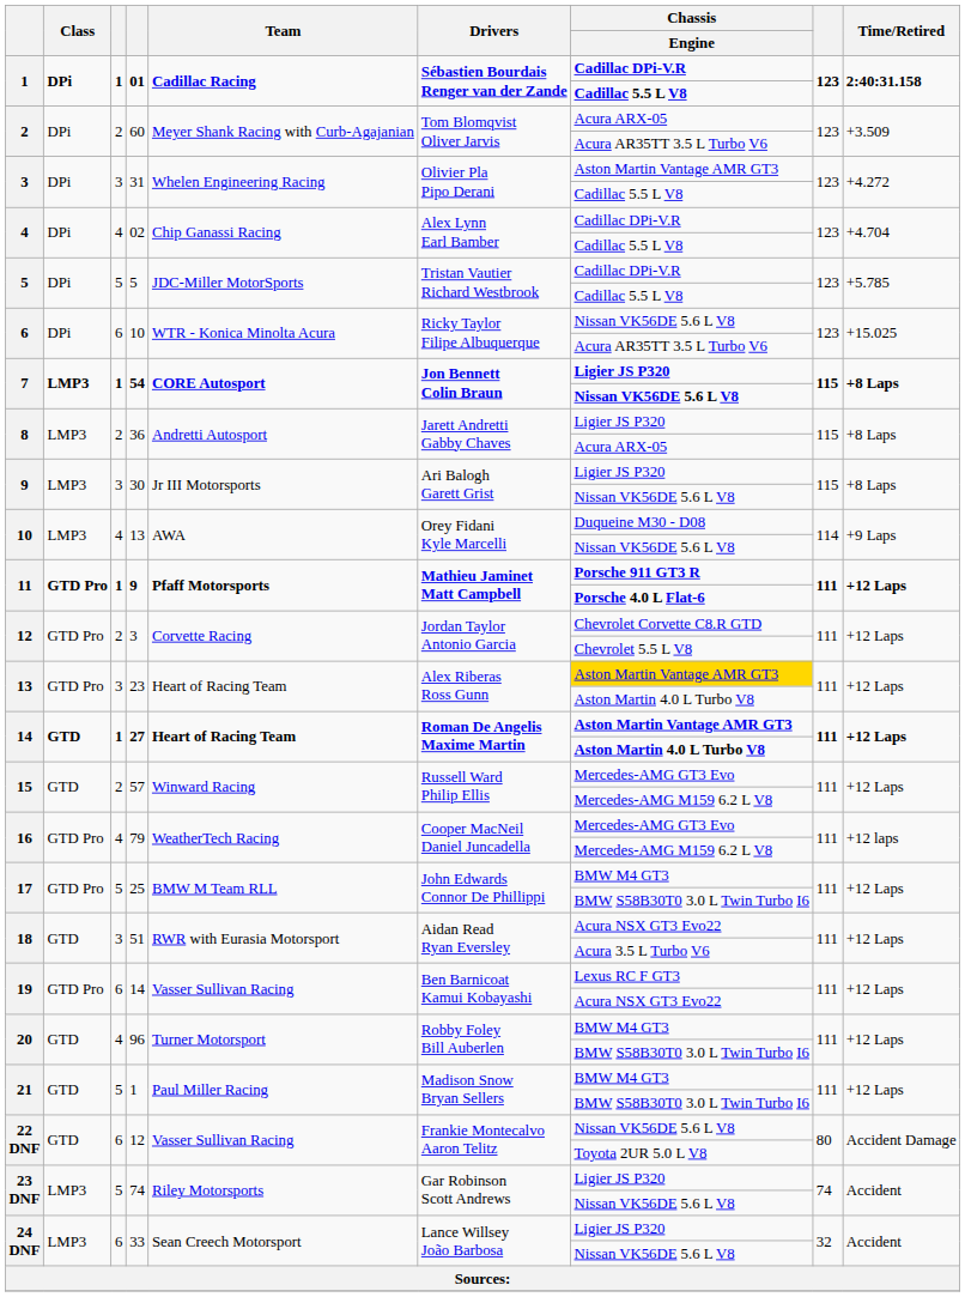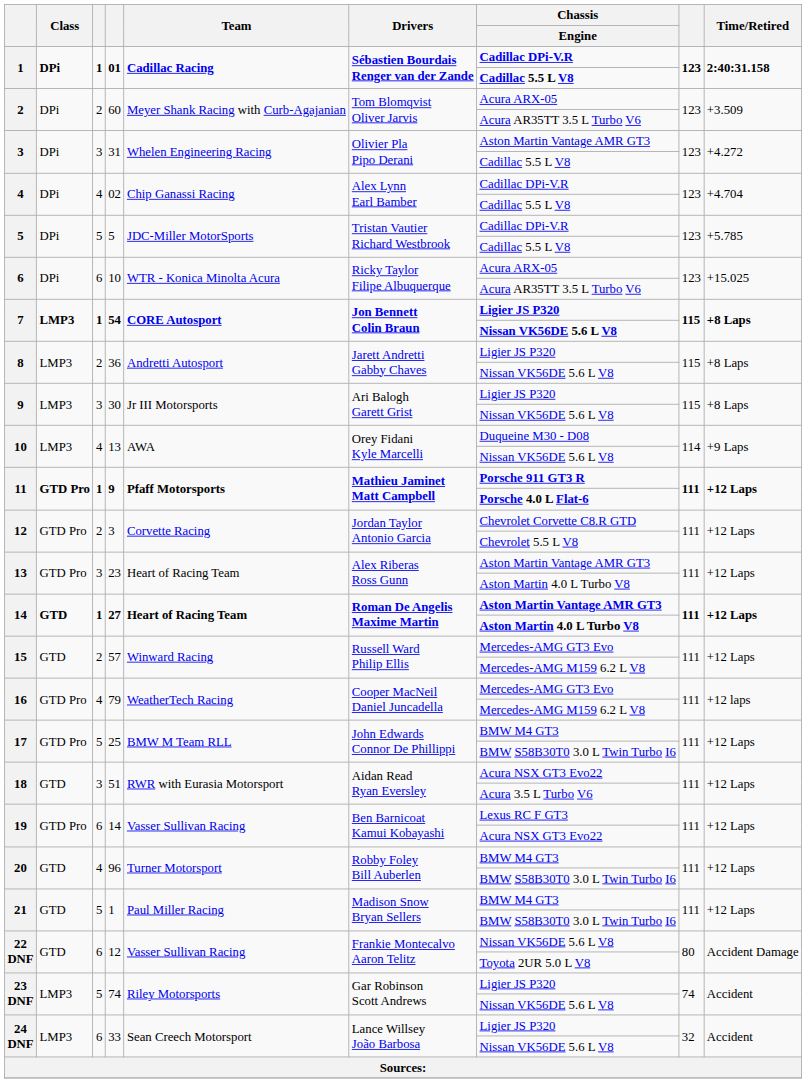 <table class="wikitable" style="font-size: 95%;">
 <tr>
 <th rowspan=2></th>
 <th rowspan=2>Class</th>
 <th rowspan=2></th>
 <th rowspan=2></th>
 <th rowspan=2>Team</th>
 <th rowspan=2>Drivers</th>
 <th>Chassis</th>
 <th rowspan=2></th>
 <th rowspan=2>Time/Retired</th>
 </tr>
 <tr>
 <th>Engine</th>
 </tr>
 <tr style="font-weight:bold">
 <th rowspan=2>1</th>
 <td rowspan=2>DPi</td>
 <td rowspan=2>1</td>
 <td rowspan=2>01</td>
 <td rowspan=2> <a href='#'>Cadillac Racing</a></td>
 <td rowspan=2> <a href='#'>Sébastien Bourdais</a><br> <a href='#'>Renger van der Zande</a></td>
 <td><a href='#'>Cadillac DPi-V.R</a></td>
 <td rowspan=2>123</td>
 <td rowspan=2>2:40:31.158</td>
 </tr>
 <tr style="font-weight:bold">
 <td><a href='#'>Cadillac</a> 5.5 L <a href='#'>V8</a></td>
 </tr>
 <tr>
 <th rowspan=2>2</th>
 <td rowspan=2>DPi</td>
 <td rowspan=2>2</td>
 <td rowspan=2>60</td>
 <td rowspan=2> <a href='#'>Meyer Shank Racing</a> with <a href='#'>Curb-Agajanian</a></td>
 <td rowspan=2> <a href='#'>Tom Blomqvist</a><br> <a href='#'>Oliver Jarvis</a></td>
 <td><a href='#'>Acura ARX-05</a></td>
 <td rowspan=2>123</td>
 <td rowspan=2>+3.509</td>
 </tr>
 <tr>
 <td><a href='#'>Acura</a> AR35TT 3.5 L <a href='#'>Turbo</a> <a href='#'>V6</a></td>
 </tr>
 <tr>
 <th rowspan=2>3</th>
 <td rowspan=2>DPi</td>
 <td rowspan=2>3</td>
 <td rowspan=2>31</td>
 <td rowspan=2> <a href='#'>Whelen Engineering Racing</a></td>
 <td rowspan=2> <a href='#'>Olivier Pla</a><br> <a href='#'>Pipo Derani</a></td>
 <td><a href='#'>Aston Martin Vantage AMR GT3</a></td>
 <td rowspan=2>123</td>
 <td rowspan=2>+4.272</td>
 </tr>
 <tr>
 <td><a href='#'>Cadillac</a> 5.5 L <a href='#'>V8</a></td>
 </tr>
 <tr>
 <th rowspan=2>4</th>
 <td rowspan=2>DPi</td>
 <td rowspan=2>4</td>
 <td rowspan=2>02</td>
 <td rowspan=2> <a href='#'>Chip Ganassi Racing</a></td>
 <td rowspan=2> <a href='#'>Alex Lynn</a><br> <a href='#'>Earl Bamber</a></td>
 <td><a href='#'>Cadillac DPi-V.R</a></td>
 <td rowspan=2>123</td>
 <td rowspan=2>+4.704</td>
 </tr>
 <tr>
 <td><a href='#'>Cadillac</a> 5.5 L <a href='#'>V8</a></td>
 </tr>
 <tr>
 <th rowspan=2>5</th>
 <td rowspan=2>DPi</td>
 <td rowspan=2>5</td>
 <td rowspan=2>5</td>
 <td rowspan=2> <a href='#'>JDC-Miller MotorSports</a></td>
 <td rowspan=2> <a href='#'>Tristan Vautier</a><br> <a href='#'>Richard Westbrook</a></td>
 <td><a href='#'>Cadillac DPi-V.R</a></td>
 <td rowspan=2>123</td>
 <td rowspan=2>+5.785</td>
 </tr>
 <tr>
 <td><a href='#'>Cadillac</a> 5.5 L <a href='#'>V8</a></td>
 </tr>
 <tr>
 <th rowspan=2>6</th>
 <td rowspan=2>DPi</td>
 <td rowspan=2>6</td>
 <td rowspan=2>10</td>
 <td rowspan=2> <a href='#'>WTR - Konica Minolta Acura</a></td>
 <td rowspan=2> <a href='#'>Ricky Taylor</a><br> <a href='#'>Filipe Albuquerque</a></td>
-<td><a href='#'>Nissan VK56DE</a> 5.6 L <a href='#'>V8</a></td>
+<td><a href='#'>Acura ARX-05</a></td>
 <td rowspan=2>123</td>
 <td rowspan=2>+15.025</td>
 </tr>
 <tr>
 <td><a href='#'>Acura</a> AR35TT 3.5 L <a href='#'>Turbo</a> <a href='#'>V6</a></td>
 </tr>
 <tr style="font-weight:bold">
 <th rowspan=2>7</th>
 <td rowspan=2>LMP3</td>
 <td rowspan=2>1</td>
 <td rowspan=2>54</td>
 <td rowspan=2> <a href='#'>CORE Autosport</a></td>
 <td rowspan=2> <a href='#'>Jon Bennett</a><br> <a href='#'>Colin Braun</a></td>
 <td><a href='#'>Ligier JS P320</a></td>
 <td rowspan=2>115</td>
 <td rowspan=2>+8 Laps</td>
 </tr>
 <tr style="font-weight:bold">
 <td><a href='#'>Nissan VK56DE</a> 5.6 L <a href='#'>V8</a></td>
 </tr>
 <tr>
 <th rowspan=2>8</th>
 <td rowspan=2>LMP3</td>
 <td rowspan=2>2</td>
 <td rowspan=2>36</td>
 <td rowspan=2> <a href='#'>Andretti Autosport</a></td>
 <td rowspan=2> <a href='#'>Jarett Andretti</a><br> <a href='#'>Gabby Chaves</a></td>
 <td><a href='#'>Ligier JS P320</a></td>
 <td rowspan=2>115</td>
 <td rowspan=2>+8 Laps</td>
 </tr>
 <tr>
-<td><a href='#'>Acura ARX-05</a></td>
+<td><a href='#'>Nissan VK56DE</a> 5.6 L <a href='#'>V8</a></td>
 </tr>
 <tr>
 <th rowspan=2>9</th>
 <td rowspan=2>LMP3</td>
 <td rowspan=2>3</td>
 <td rowspan=2>30</td>
 <td rowspan=2> Jr III Motorsports</td>
 <td rowspan=2> Ari Balogh<br> <a href='#'>Garett Grist</a></td>
 <td><a href='#'>Ligier JS P320</a></td>
 <td rowspan=2>115</td>
 <td rowspan=2>+8 Laps</td>
 </tr>
 <tr>
 <td><a href='#'>Nissan VK56DE</a> 5.6 L <a href='#'>V8</a></td>
 </tr>
 <tr>
 <th rowspan=2>10</th>
 <td rowspan=2>LMP3</td>
 <td rowspan=2>4</td>
 <td rowspan=2>13</td>
 <td rowspan=2> AWA</td>
 <td rowspan=2> Orey Fidani<br> <a href='#'>Kyle Marcelli</a></td>
 <td><a href='#'>Duqueine M30 - D08</a></td>
 <td rowspan=2>114</td>
 <td rowspan=2>+9 Laps</td>
 </tr>
 <tr>
 <td><a href='#'>Nissan VK56DE</a> 5.6 L <a href='#'>V8</a></td>
 </tr>
 <tr style="font-weight:bold">
 <th rowspan=2>11</th>
 <td rowspan=2>GTD Pro</td>
 <td rowspan=2>1</td>
 <td rowspan=2>9</td>
 <td rowspan=2> Pfaff Motorsports</td>
 <td rowspan=2> <a href='#'>Mathieu Jaminet</a><br> <a href='#'>Matt Campbell</a></td>
 <td><a href='#'>Porsche 911 GT3 R</a></td>
 <td rowspan=2>111</td>
 <td rowspan=2>+12 Laps</td>
 </tr>
 <tr style="font-weight:bold">
 <td><a href='#'>Porsche</a> 4.0 L <a href='#'>Flat-6</a></td>
 </tr>
 <tr>
 <th rowspan=2>12</th>
 <td rowspan=2>GTD Pro</td>
 <td rowspan=2>2</td>
 <td rowspan=2>3</td>
 <td rowspan=2> <a href='#'>Corvette Racing</a></td>
 <td rowspan=2> <a href='#'>Jordan Taylor</a><br> <a href='#'>Antonio Garcia</a></td>
 <td><a href='#'>Chevrolet Corvette C8.R GTD</a></td>
 <td rowspan=2>111</td>
 <td rowspan=2>+12 Laps</td>
 </tr>
 <tr>
 <td><a href='#'>Chevrolet</a> 5.5 L <a href='#'>V8</a></td>
 </tr>
 <tr>
 <th rowspan=2>13</th>
 <td rowspan=2>GTD Pro</td>
 <td rowspan=2>3</td>
 <td rowspan=2>23</td>
 <td rowspan=2> Heart of Racing Team</td>
 <td rowspan=2> <a href='#'>Alex Riberas</a><br> <a href='#'>Ross Gunn</a></td>
-<td style="background: gold;"><a href='#'>Aston Martin Vantage AMR GT3</a></td>
+<td><a href='#'>Aston Martin Vantage AMR GT3</a></td>
 <td rowspan=2>111</td>
 <td rowspan=2>+12 Laps</td>
 </tr>
 <tr>
 <td><a href='#'>Aston Martin</a> 4.0 L Turbo <a href='#'>V8</a></td>
 </tr>
 <tr style="font-weight:bold">
 <th rowspan=2>14</th>
 <td rowspan=2>GTD</td>
 <td rowspan=2>1</td>
 <td rowspan=2>27</td>
 <td rowspan=2> Heart of Racing Team</td>
 <td rowspan=2> <a href='#'>Roman De Angelis</a><br> <a href='#'>Maxime Martin</a></td>
 <td><a href='#'>Aston Martin Vantage AMR GT3</a></td>
 <td rowspan=2>111</td>
 <td rowspan=2>+12 Laps</td>
 </tr>
 <tr style="font-weight:bold">
 <td><a href='#'>Aston Martin</a> 4.0 L Turbo <a href='#'>V8</a></td>
 </tr>
 <tr>
 <th rowspan=2>15</th>
 <td rowspan=2>GTD</td>
 <td rowspan=2>2</td>
 <td rowspan=2>57</td>
 <td rowspan=2> <a href='#'>Winward Racing</a></td>
 <td rowspan=2> <a href='#'>Russell Ward</a><br> <a href='#'>Philip Ellis</a></td>
 <td><a href='#'>Mercedes-AMG GT3 Evo</a></td>
 <td rowspan=2>111</td>
 <td rowspan=2>+12 Laps</td>
 </tr>
 <tr>
 <td><a href='#'>Mercedes-AMG M159</a> 6.2 L <a href='#'>V8</a></td>
 </tr>
 <tr>
 <th rowspan=2>16</th>
 <td rowspan=2>GTD Pro</td>
 <td rowspan=2>4</td>
 <td rowspan=2>79</td>
 <td rowspan=2> <a href='#'>WeatherTech Racing</a></td>
 <td rowspan=2> <a href='#'>Cooper MacNeil</a><br> <a href='#'>Daniel Juncadella</a></td>
 <td><a href='#'>Mercedes-AMG GT3 Evo</a></td>
 <td rowspan=2>111</td>
 <td rowspan=2>+12 laps</td>
 </tr>
 <tr>
 <td><a href='#'>Mercedes-AMG M159</a> 6.2 L <a href='#'>V8</a></td>
 </tr>
 <tr>
 <th rowspan=2>17</th>
 <td rowspan=2>GTD Pro</td>
 <td rowspan=2>5</td>
 <td rowspan=2>25</td>
 <td rowspan=2> <a href='#'>BMW M Team RLL</a></td>
 <td rowspan=2> <a href='#'>John Edwards</a><br> <a href='#'>Connor De Phillippi</a></td>
 <td><a href='#'>BMW M4 GT3</a></td>
 <td rowspan=2>111</td>
 <td rowspan=2>+12 Laps</td>
 </tr>
 <tr>
 <td><a href='#'>BMW</a> <a href='#'>S58B30T0</a> 3.0 L <a href='#'>Twin Turbo</a> <a href='#'>I6</a></td>
 </tr>
 <tr>
 <th rowspan=2>18</th>
 <td rowspan=2>GTD</td>
 <td rowspan=2>3</td>
 <td rowspan=2>51</td>
 <td rowspan=2> <a href='#'>RWR</a> with Eurasia Motorsport</td>
 <td rowspan=2> Aidan Read<br> <a href='#'>Ryan Eversley</a></td>
 <td><a href='#'>Acura NSX GT3 Evo22</a></td>
 <td rowspan=2>111</td>
 <td rowspan=2>+12 Laps</td>
 </tr>
 <tr>
 <td><a href='#'>Acura</a> 3.5 L <a href='#'>Turbo</a> <a href='#'>V6</a></td>
 </tr>
 <tr>
 <th rowspan=2>19</th>
 <td rowspan=2>GTD Pro</td>
 <td rowspan=2>6</td>
 <td rowspan=2>14</td>
 <td rowspan=2> <a href='#'>Vasser Sullivan Racing</a></td>
 <td rowspan=2> <a href='#'>Ben Barnicoat</a><br> <a href='#'>Kamui Kobayashi</a></td>
 <td><a href='#'>Lexus RC F GT3</a></td>
 <td rowspan=2>111</td>
 <td rowspan=2>+12 Laps</td>
 </tr>
 <tr>
 <td><a href='#'>Acura NSX GT3 Evo22</a></td>
 </tr>
 <tr>
 <th rowspan=2>20</th>
 <td rowspan=2>GTD</td>
 <td rowspan=2>4</td>
 <td rowspan=2>96</td>
 <td rowspan=2> <a href='#'>Turner Motorsport</a></td>
 <td rowspan=2> <a href='#'>Robby Foley</a><br> <a href='#'>Bill Auberlen</a></td>
 <td><a href='#'>BMW M4 GT3</a></td>
 <td rowspan=2>111</td>
 <td rowspan=2>+12 Laps</td>
 </tr>
 <tr>
 <td><a href='#'>BMW</a> <a href='#'>S58B30T0</a> 3.0 L <a href='#'>Twin Turbo</a> <a href='#'>I6</a></td>
 </tr>
 <tr>
 <th rowspan=2>21</th>
 <td rowspan=2>GTD</td>
 <td rowspan=2>5</td>
 <td rowspan=2>1</td>
 <td rowspan=2> <a href='#'>Paul Miller Racing</a></td>
 <td rowspan=2> <a href='#'>Madison Snow</a><br> <a href='#'>Bryan Sellers</a></td>
 <td><a href='#'>BMW M4 GT3</a></td>
 <td rowspan=2>111</td>
 <td rowspan=2>+12 Laps</td>
 </tr>
 <tr>
 <td><a href='#'>BMW</a> <a href='#'>S58B30T0</a> 3.0 L <a href='#'>Twin Turbo</a> <a href='#'>I6</a></td>
 </tr>
 <tr>
 <th rowspan=2>22<br>DNF</th>
 <td rowspan=2>GTD</td>
 <td rowspan=2>6</td>
 <td rowspan=2>12</td>
 <td rowspan=2> <a href='#'>Vasser Sullivan Racing</a></td>
 <td rowspan=2> <a href='#'>Frankie Montecalvo</a><br> <a href='#'>Aaron Telitz</a></td>
 <td><a href='#'>Nissan VK56DE</a> 5.6 L <a href='#'>V8</a></td>
 <td rowspan=2>80</td>
 <td rowspan=2>Accident Damage</td>
 </tr>
 <tr>
 <td><a href='#'>Toyota</a> 2UR 5.0 L <a href='#'>V8</a></td>
 </tr>
 <tr>
 <th rowspan=2>23<br>DNF</th>
 <td rowspan=2>LMP3</td>
 <td rowspan=2>5</td>
 <td rowspan=2>74</td>
 <td rowspan=2> <a href='#'>Riley Motorsports</a></td>
 <td rowspan=2> Gar Robinson<br> Scott Andrews</td>
 <td><a href='#'>Ligier JS P320</a></td>
 <td rowspan=2>74</td>
 <td rowspan=2>Accident</td>
 </tr>
 <tr>
 <td><a href='#'>Nissan VK56DE</a> 5.6 L <a href='#'>V8</a></td>
 </tr>
 <tr>
 <th rowspan=2>24<br>DNF</th>
 <td rowspan=2>LMP3</td>
 <td rowspan=2>6</td>
 <td rowspan=2>33</td>
 <td rowspan=2> Sean Creech Motorsport</td>
 <td rowspan=2> Lance Willsey<br> <a href='#'>João Barbosa</a></td>
 <td><a href='#'>Ligier JS P320</a></td>
 <td rowspan=2>32</td>
 <td rowspan=2>Accident</td>
 </tr>
 <tr>
 <td><a href='#'>Nissan VK56DE</a> 5.6 L <a href='#'>V8</a></td>
 </tr>
 <tr>
 <th colspan=9>Sources:</th>
 </tr>
 <tr>
 </tr>
 </table>
